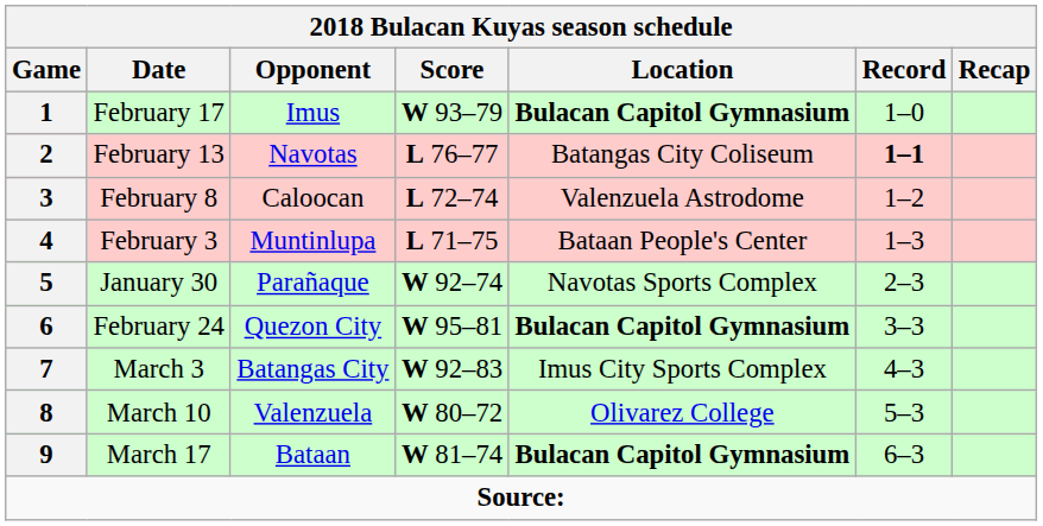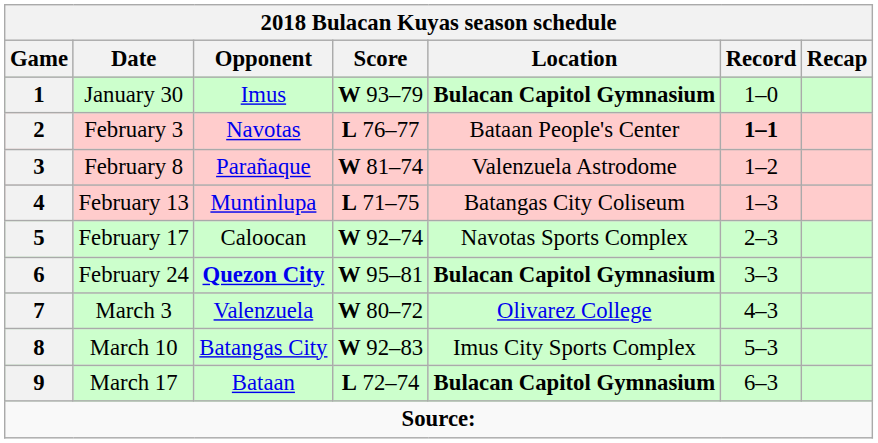 <table class="wikitable" style="text-align:center">
 <tr>
 <th colspan=7>2018 Bulacan Kuyas season schedule</th>
 </tr>
 <tr>
 <th>Game</th>
 <th>Date</th>
 <th>Opponent</th>
 <th>Score</th>
 <th>Location</th>
 <th>Record</th>
 <th>Recap</th>
 </tr>
 <tr style="background:#cfc">
 <th>1</th>
-<td>February 17</td>
+<td>January 30</td>
 <td><a href='#'>Imus</a></td>
 <td><strong>W</strong> 93–79</td>
 <td><strong>Bulacan Capitol Gymnasium</strong></td>
 <td>1–0</td>
 <td></td>
 </tr>
 <tr style="background:#fcc">
 <th>2</th>
-<td>February 13</td>
+<td>February 3</td>
 <td><a href='#'>Navotas</a></td>
 <td><strong>L</strong> 76–77 </td>
-<td>Batangas City Coliseum</td>
+<td>Bataan People's Center</td>
 <td><strong>1–1</strong></td>
 <td></td>
 </tr>
 <tr style="background:#fcc">
 <th>3</th>
 <td>February 8</td>
-<td>Caloocan</td>
-<td><strong>L</strong> 72–74</td>
+<td><a href='#'>Parañaque</a></td>
+<td><strong>W</strong> 81–74</td>
 <td>Valenzuela Astrodome</td>
 <td>1–2</td>
 <td></td>
 </tr>
 <tr style="background:#fcc">
 <th>4</th>
-<td>February 3</td>
+<td>February 13</td>
 <td><a href='#'>Muntinlupa</a></td>
 <td><strong>L</strong> 71–75</td>
-<td>Bataan People's Center</td>
+<td>Batangas City Coliseum</td>
 <td>1–3</td>
 <td></td>
 </tr>
 <tr style="background:#cfc">
 <th>5</th>
-<td>January 30</td>
-<td><a href='#'>Parañaque</a></td>
+<td>February 17</td>
+<td>Caloocan</td>
 <td><strong>W</strong> 92–74</td>
 <td>Navotas Sports Complex</td>
 <td>2–3</td>
 <td></td>
 </tr>
 <tr style="background:#cfc">
 <th>6</th>
 <td>February 24</td>
-<td><a href='#'>Quezon City</a></td>
+<td><strong><a href='#'>Quezon City</a></strong></td>
 <td><strong>W</strong> 95–81</td>
 <td><strong>Bulacan Capitol Gymnasium</strong></td>
 <td>3–3</td>
 <td></td>
 </tr>
 <tr style="background:#cfc">
 <th>7</th>
 <td>March 3</td>
-<td><a href='#'>Batangas City</a></td>
-<td><strong>W</strong> 92–83</td>
-<td>Imus City Sports Complex</td>
+<td><a href='#'>Valenzuela</a></td>
+<td><strong>W</strong> 80–72</td>
+<td><a href='#'>Olivarez College</a></td>
 <td>4–3</td>
 <td></td>
 </tr>
 <tr style="background:#cfc">
 <th>8</th>
 <td>March 10</td>
-<td><a href='#'>Valenzuela</a></td>
-<td><strong>W</strong> 80–72</td>
-<td><a href='#'>Olivarez College</a></td>
+<td><a href='#'>Batangas City</a></td>
+<td><strong>W</strong> 92–83</td>
+<td>Imus City Sports Complex</td>
 <td>5–3</td>
 <td></td>
 </tr>
 <tr style="background:#cfc">
 <th>9</th>
 <td>March 17</td>
 <td><a href='#'>Bataan</a></td>
-<td><strong>W</strong> 81–74</td>
+<td><strong>L</strong> 72–74</td>
 <td><strong>Bulacan Capitol Gymnasium</strong></td>
 <td>6–3</td>
 <td></td>
 </tr>
 <tr>
 <td colspan=7 align=center><strong>Source: </strong></td>
 </tr>
 </table>
